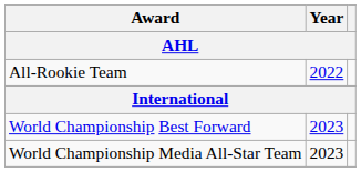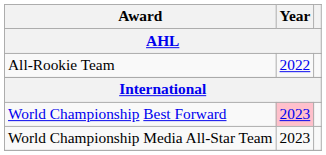 <table class="wikitable">
 <tr>
 <th>Award</th>
 <th>Year</th>
 <th></th>
 </tr>
 <tr ALIGN="center" bgcolor="#e0e0e0">
 <th colspan="3"><a href='#'>AHL</a></th>
 </tr>
 <tr>
 <td>All-Rookie Team</td>
 <td><a href='#'>2022</a></td>
 <td></td>
 </tr>
 <tr>
 </tr>
 <tr ALIGN="center" bgcolor="#e0e0e0">
 <th colspan="4"><a href='#'>International</a></th>
 </tr>
 <tr>
 <td><a href='#'>World Championship</a> <a href='#'>Best Forward</a></td>
-<td><a href='#'>2023</a></td>
+<td style="background: pink;"><a href='#'>2023</a></td>
 <td></td>
 </tr>
 <tr>
 <td>World Championship Media All-Star Team</td>
 <td>2023</td>
 <td></td>
 </tr>
 <tr>
 </tr>
 </table>
